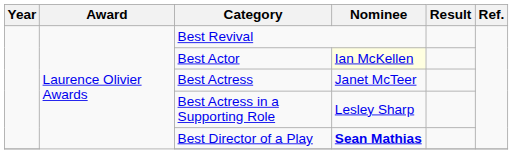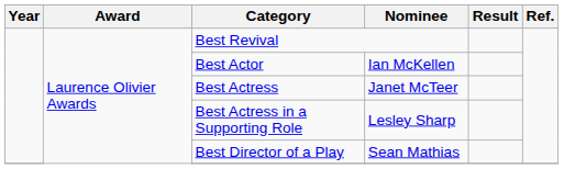 <table class="wikitable" width="95%">
 <tr>
 <th width="5%">Year</th>
 <th width="30%">Award</th>
 <th width="35%">Category</th>
 <th width="20%">Nominee</th>
 <th width="10%">Result</th>
 <th class=unsortable>Ref.</th>
 </tr>
 <tr>
 <td rowspan=5></td>
 <td rowspan=6><a href='#'>Laurence Olivier Awards</a></td>
 <td colspan=2><a href='#'>Best Revival</a></td>
 <td></td>
 <td rowspan=5></td>
 </tr>
 <tr>
 <td><a href='#'>Best Actor</a></td>
-<td style="background: lightyellow;"><a href='#'>Ian McKellen</a></td>
+<td><a href='#'>Ian McKellen</a></td>
 <td></td>
 </tr>
 <tr>
 <td><a href='#'>Best Actress</a></td>
 <td><a href='#'>Janet McTeer</a></td>
 <td></td>
 </tr>
 <tr>
 <td><a href='#'>Best Actress in a Supporting Role</a></td>
 <td><a href='#'>Lesley Sharp</a></td>
 <td></td>
 </tr>
 <tr>
 <td><a href='#'>Best Director of a Play</a></td>
-<td><strong><a href='#'>Sean Mathias</a></strong></td>
+<td><a href='#'>Sean Mathias</a></td>
 <td></td>
 </tr>
 <tr>
 </tr>
 </table>
